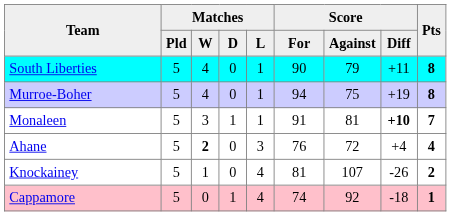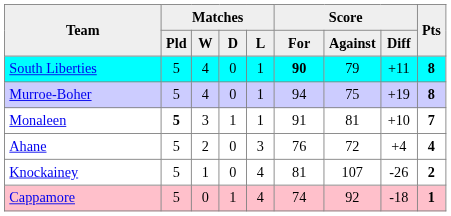 <table style=border-collapse:collapse border=1 cellspacing=0 cellpadding=5>
 <tr align=center bgcolor=#efefef>
 <th rowspan=2 width=165>Team</th>
 <th colspan=4>Matches</th>
 <th colspan=3>Score</th>
 <th rowspan=2width=20>Pts</th>
 </tr>
 <tr align=center bgcolor=#efefef>
 <th width=20>Pld</th>
 <th width=20>W</th>
 <th width=20>D</th>
 <th width=20>L</th>
 <th width=45>For</th>
 <th width=45>Against</th>
 <th width=30>Diff</th>
 </tr>
 <tr align=center style="background:#00FFFF;">
 <td style="text-align:left;"><a href='#'>South Liberties</a></td>
 <td>5</td>
 <td>4</td>
 <td>0</td>
 <td>1</td>
-<td>90</td>
+<td><strong>90</strong></td>
 <td>79</td>
 <td>+11</td>
 <td><strong>8</strong></td>
 </tr>
 <tr align=center style="background:#ccccff;">
 <td style="text-align:left;"><a href='#'>Murroe-Boher</a></td>
 <td>5</td>
 <td>4</td>
 <td>0</td>
 <td>1</td>
 <td>94</td>
 <td>75</td>
 <td>+19</td>
 <td><strong>8</strong></td>
 </tr>
 <tr align=center>
 <td style="text-align:left;"><a href='#'>Monaleen</a></td>
-<td>5</td>
+<td><strong>5</strong></td>
 <td>3</td>
 <td>1</td>
 <td>1</td>
 <td>91</td>
 <td>81</td>
-<td><strong>+10</strong></td>
+<td>+10</td>
 <td><strong>7</strong></td>
 </tr>
 <tr align=center>
 <td style="text-align:left;"><a href='#'>Ahane</a></td>
 <td>5</td>
-<td><strong>2</strong></td>
+<td>2</td>
 <td>0</td>
 <td>3</td>
 <td>76</td>
 <td>72</td>
 <td>+4</td>
 <td><strong>4</strong></td>
 </tr>
 <tr align=center>
 <td style="text-align:left;"><a href='#'>Knockainey</a></td>
 <td>5</td>
 <td>1</td>
 <td>0</td>
 <td>4</td>
 <td>81</td>
 <td>107</td>
 <td>-26</td>
 <td><strong>2</strong></td>
 </tr>
 <tr align=center style="background:#FFC0CB;">
 <td style="text-align:left;"><a href='#'>Cappamore</a></td>
 <td>5</td>
 <td>0</td>
 <td>1</td>
 <td>4</td>
 <td>74</td>
 <td>92</td>
 <td>-18</td>
 <td><strong>1</strong></td>
 </tr>
 </table>
